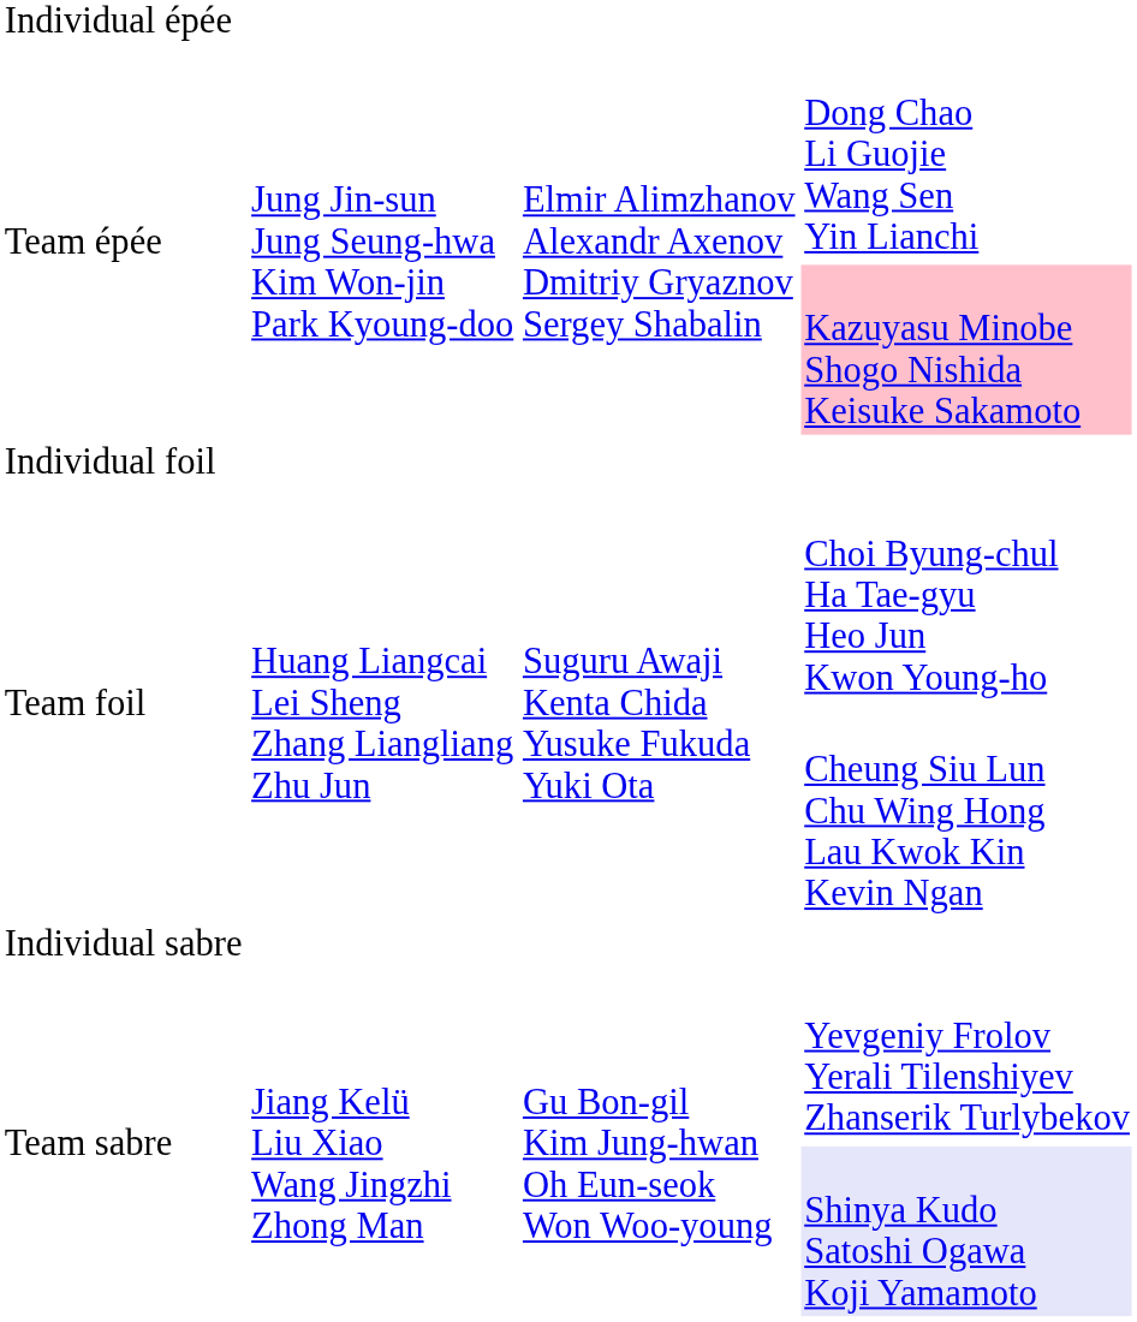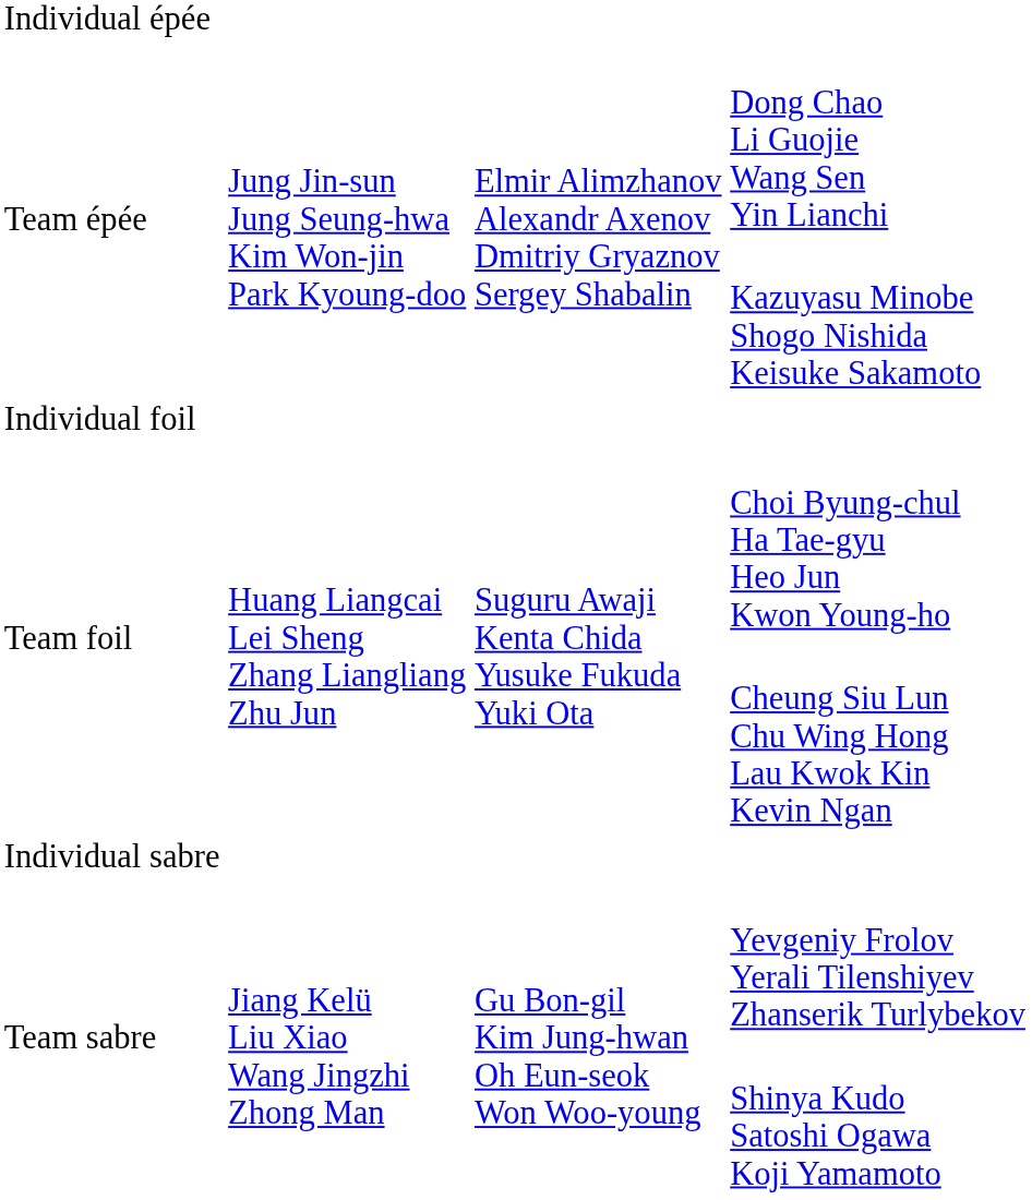 <table>
 <tr>
 <td rowspan=2>Individual épée<br></td>
 <td rowspan=2></td>
 <td rowspan=2></td>
 <td></td>
 </tr>
 <tr>
 <td></td>
 </tr>
 <tr>
 <td rowspan=2>Team épée<br></td>
 <td rowspan=2><br><a href='#'>Jung Jin-sun</a><br><a href='#'>Jung Seung-hwa</a><br><a href='#'>Kim Won-jin</a><br><a href='#'>Park Kyoung-doo</a></td>
 <td rowspan=2><br><a href='#'>Elmir Alimzhanov</a><br><a href='#'>Alexandr Axenov</a><br><a href='#'>Dmitriy Gryaznov</a><br><a href='#'>Sergey Shabalin</a></td>
 <td><br><a href='#'>Dong Chao</a><br><a href='#'>Li Guojie</a><br><a href='#'>Wang Sen</a><br><a href='#'>Yin Lianchi</a></td>
 </tr>
 <tr>
-<td style="background: pink;"><br><a href='#'>Kazuyasu Minobe</a><br><a href='#'>Shogo Nishida</a><br><a href='#'>Keisuke Sakamoto</a></td>
+<td><br><a href='#'>Kazuyasu Minobe</a><br><a href='#'>Shogo Nishida</a><br><a href='#'>Keisuke Sakamoto</a></td>
 </tr>
 <tr>
 <td rowspan=2>Individual foil<br></td>
 <td rowspan=2></td>
 <td rowspan=2></td>
 <td></td>
 </tr>
 <tr>
 <td></td>
 </tr>
 <tr>
 <td rowspan=2>Team foil<br></td>
 <td rowspan=2><br><a href='#'>Huang Liangcai</a><br><a href='#'>Lei Sheng</a><br><a href='#'>Zhang Liangliang</a><br><a href='#'>Zhu Jun</a></td>
 <td rowspan=2><br><a href='#'>Suguru Awaji</a><br><a href='#'>Kenta Chida</a><br><a href='#'>Yusuke Fukuda</a><br><a href='#'>Yuki Ota</a></td>
 <td><br><a href='#'>Choi Byung-chul</a><br><a href='#'>Ha Tae-gyu</a><br><a href='#'>Heo Jun</a><br><a href='#'>Kwon Young-ho</a></td>
 </tr>
 <tr>
 <td><br><a href='#'>Cheung Siu Lun</a><br><a href='#'>Chu Wing Hong</a><br><a href='#'>Lau Kwok Kin</a><br><a href='#'>Kevin Ngan</a></td>
 </tr>
 <tr>
 <td rowspan=2>Individual sabre<br></td>
 <td rowspan=2></td>
 <td rowspan=2></td>
 <td></td>
 </tr>
 <tr>
 <td></td>
 </tr>
 <tr>
 <td rowspan=2>Team sabre<br></td>
 <td rowspan=2><br><a href='#'>Jiang Kelü</a><br><a href='#'>Liu Xiao</a><br><a href='#'>Wang Jingzhi</a><br><a href='#'>Zhong Man</a></td>
 <td rowspan=2><br><a href='#'>Gu Bon-gil</a><br><a href='#'>Kim Jung-hwan</a><br><a href='#'>Oh Eun-seok</a><br><a href='#'>Won Woo-young</a></td>
 <td><br><a href='#'>Yevgeniy Frolov</a><br><a href='#'>Yerali Tilenshiyev</a><br><a href='#'>Zhanserik Turlybekov</a></td>
 </tr>
 <tr>
-<td style="background: lavender;"><br><a href='#'>Shinya Kudo</a><br><a href='#'>Satoshi Ogawa</a><br><a href='#'>Koji Yamamoto</a></td>
+<td><br><a href='#'>Shinya Kudo</a><br><a href='#'>Satoshi Ogawa</a><br><a href='#'>Koji Yamamoto</a></td>
 </tr>
 </table>
